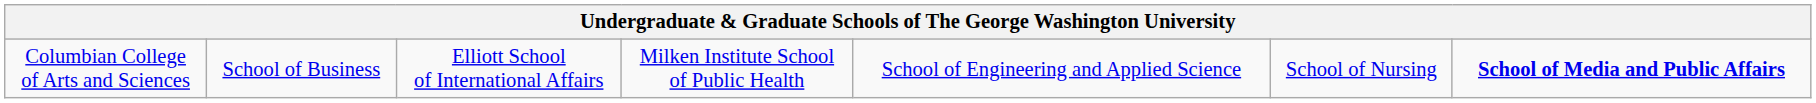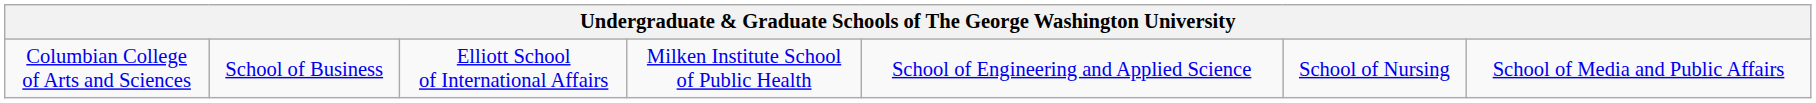 <table class="wikitable" style="font-size:90%; width:100%; border:0; text-align:center; line-height:120%;">
 <tr>
 <th colspan="8">Undergraduate & Graduate Schools of The George Washington University</th>
 </tr>
 <tr>
 <td><a href='#'>Columbian College<br>of Arts and Sciences</a></td>
 <td><a href='#'>School of Business</a></td>
 <td><a href='#'>Elliott School<br>of International Affairs</a></td>
 <td><a href='#'>Milken Institute School<br>of Public Health</a></td>
 <td><a href='#'>School of Engineering and Applied Science</a></td>
 <td><a href='#'>School of Nursing</a></td>
-<td><strong><a href='#'>School of Media and Public Affairs</a></strong></td>
+<td><a href='#'>School of Media and Public Affairs</a></td>
 </tr>
 </table>
